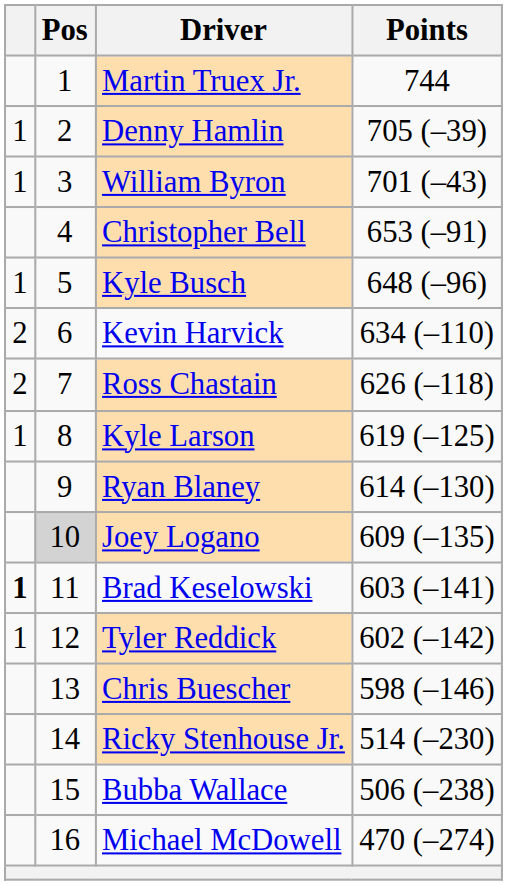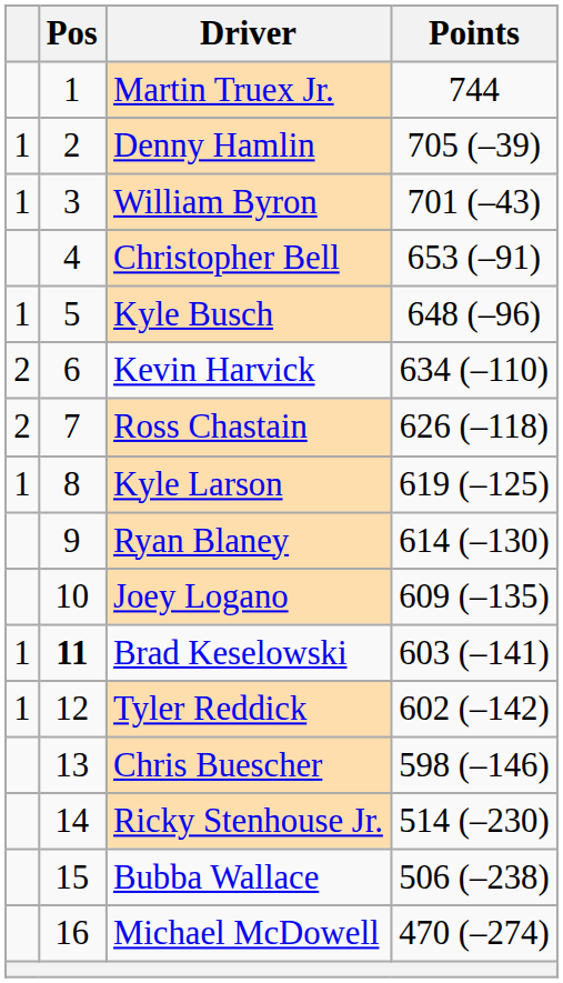 <table class="wikitable" style="font-size: 95%;">
 <tr>
 <th></th>
 <th>Pos</th>
 <th>Driver</th>
 <th>Points</th>
 </tr>
 <tr>
 <td align="left"></td>
 <td style="text-align:center;">1</td>
 <td style="background:#FFDEAD;"><a href='#'>Martin Truex Jr.</a></td>
 <td style="text-align:center;">744</td>
 </tr>
 <tr>
 <td align="left"> 1</td>
 <td style="text-align:center;">2</td>
 <td style="background:#FFDEAD;"><a href='#'>Denny Hamlin</a></td>
 <td style="text-align:center;">705 (–39)</td>
 </tr>
 <tr>
 <td align="left"> 1</td>
 <td style="text-align:center;">3</td>
 <td style="background:#FFDEAD;"><a href='#'>William Byron</a></td>
 <td style="text-align:center;">701 (–43)</td>
 </tr>
 <tr>
 <td align="left"></td>
 <td style="text-align:center;">4</td>
 <td style="background:#FFDEAD;"><a href='#'>Christopher Bell</a></td>
 <td style="text-align:center;">653 (–91)</td>
 </tr>
 <tr>
 <td align="left"> 1</td>
 <td style="text-align:center;">5</td>
 <td style="background:#FFDEAD;"><a href='#'>Kyle Busch</a></td>
 <td style="text-align:center;">648 (–96)</td>
 </tr>
 <tr>
 <td align="left"> 2</td>
 <td style="text-align:center;">6</td>
 <td><a href='#'>Kevin Harvick</a></td>
 <td style="text-align:center;">634 (–110)</td>
 </tr>
 <tr>
 <td align="left"> 2</td>
 <td style="text-align:center;">7</td>
 <td style="background:#FFDEAD;"><a href='#'>Ross Chastain</a></td>
 <td style="text-align:center;">626 (–118)</td>
 </tr>
 <tr>
 <td align="left"> 1</td>
 <td style="text-align:center;">8</td>
 <td style="background:#FFDEAD;"><a href='#'>Kyle Larson</a></td>
 <td style="text-align:center;">619 (–125)</td>
 </tr>
 <tr>
 <td align="left"></td>
 <td style="text-align:center;">9</td>
 <td style="background:#FFDEAD;"><a href='#'>Ryan Blaney</a></td>
 <td style="text-align:center;">614 (–130)</td>
 </tr>
 <tr>
 <td align="left"></td>
-<td style="background: lightgrey; text-align:center;">10</td>
+<td style="text-align:center;">10</td>
 <td style="background:#FFDEAD;"><a href='#'>Joey Logano</a></td>
 <td style="text-align:center;">609 (–135)</td>
 </tr>
 <tr>
-<td align="left"><strong> 1</strong></td>
-<td style="text-align:center;">11</td>
+<td align="left"> 1</td>
+<td style="text-align:center;"><strong>11</strong></td>
 <td><a href='#'>Brad Keselowski</a></td>
 <td style="text-align:center;">603 (–141)</td>
 </tr>
 <tr>
 <td align="left"> 1</td>
 <td style="text-align:center;">12</td>
 <td style="background:#FFDEAD;"><a href='#'>Tyler Reddick</a></td>
 <td style="text-align:center;">602 (–142)</td>
 </tr>
 <tr>
 <td align="left"></td>
 <td style="text-align:center;">13</td>
 <td style="background:#FFDEAD;"><a href='#'>Chris Buescher</a></td>
 <td style="text-align:center;">598 (–146)</td>
 </tr>
 <tr>
 <td align="left"></td>
 <td style="text-align:center;">14</td>
 <td style="background:#FFDEAD;"><a href='#'>Ricky Stenhouse Jr.</a></td>
 <td style="text-align:center;">514 (–230)</td>
 </tr>
 <tr>
 <td align="left"></td>
 <td style="text-align:center;">15</td>
 <td><a href='#'>Bubba Wallace</a></td>
 <td style="text-align:center;">506 (–238)</td>
 </tr>
 <tr>
 <td align="left"></td>
 <td style="text-align:center;">16</td>
 <td><a href='#'>Michael McDowell</a></td>
 <td style="text-align:center;">470 (–274)</td>
 </tr>
 <tr class="sortbottom">
 <th colspan="9"></th>
 </tr>
 </table>
